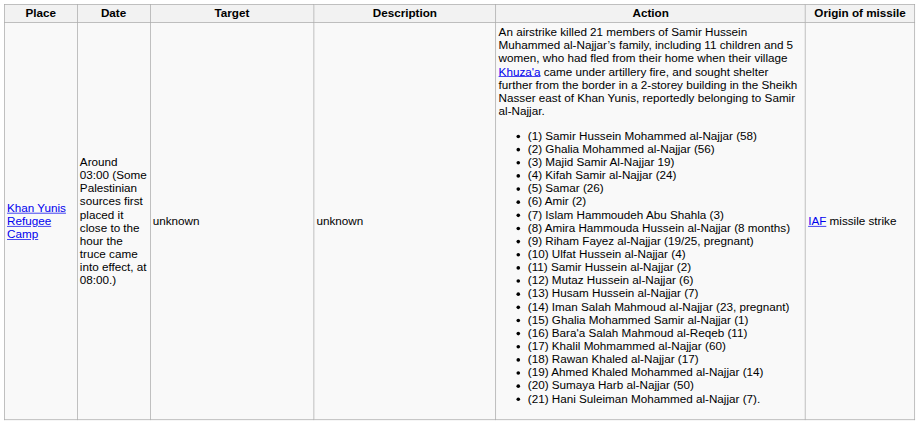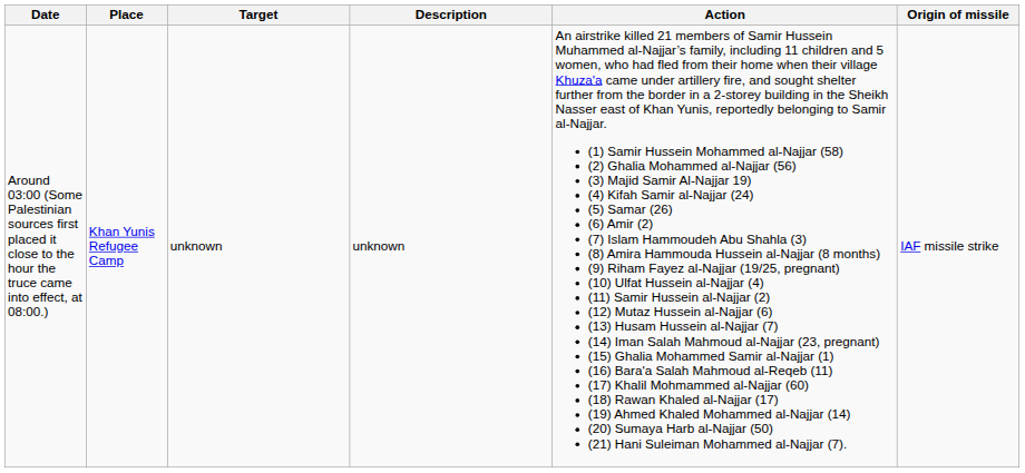 <table class="wikitable sortable">
 <tr>
+<th style="width:8%;">Date</th>
 <th style="width:8%;">Place</th>
-<th style="width:8%;">Date</th>
 <th style="width:18%;">Target</th>
 <th style="width:20%;">Description</th>
 <th>Action</th>
 <th style="width:12%;">Origin of missile</th>
 </tr>
 <tr>
+<td>Around 03:00 (Some Palestinian sources first placed it close to the hour the truce came into effect, at 08:00.)</td>
 <td><a href='#'>Khan Yunis Refugee Camp</a></td>
-<td>Around 03:00 (Some Palestinian sources first placed it close to the hour the truce came into effect, at 08:00.)</td>
 <td>unknown</td>
 <td>unknown</td>
 <td>An airstrike killed 21 members of Samir Hussein Muhammed al-Najjar’s family, including 11 children and 5 women, who had fled from their home when their village <a href='#'>Khuza'a</a> came under artillery fire, and sought shelter further from the border in a 2-storey building in the Sheikh Nasser east of Khan Yunis, reportedly belonging to Samir al-Najjar.<br><ul><li>(1) Samir Hussein Mohammed al-Najjar (58)</li><li>(2) Ghalia Mohammed al-Najjar (56)</li><li>(3) Majid Samir Al-Najjar 19)</li><li>(4) Kifah Samir al-Najjar (24)</li><li>(5) Samar (26)</li><li>(6) Amir (2)</li><li>(7) Islam Hammoudeh Abu Shahla (3)</li><li>(8) Amira Hammouda Hussein al-Najjar (8 months)</li><li>(9) Riham Fayez al-Najjar (19/25, pregnant)</li><li>(10) Ulfat Hussein al-Najjar (4)</li><li>(11) Samir Hussein al-Najjar (2)</li><li>(12) Mutaz Hussein al-Najjar (6)</li><li>(13) Husam Hussein al-Najjar (7)</li><li>(14) Iman Salah Mahmoud al-Najjar (23, pregnant)</li><li>(15) Ghalia Mohammed Samir al-Najjar (1)</li><li>(16) Bara'a Salah Mahmoud al-Reqeb (11)</li><li>(17) Khalil Mohmammed al-Najjar (60)</li><li>(18) Rawan Khaled al-Najjar (17)</li><li>(19) Ahmed Khaled Mohammed al-Najjar (14)</li><li>(20) Sumaya Harb al-Najjar (50)</li><li>(21) Hani Suleiman Mohammed al-Najjar (7).</li></ul></td>
 <td><a href='#'>IAF</a> missile strike</td>
 </tr>
 </table>
